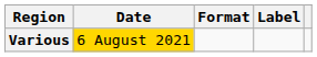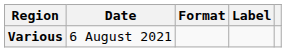 <table class="wikitable plainrowheaders">
 <tr>
 <th scope="col">Region</th>
 <th scope="col">Date</th>
 <th scope="col">Format</th>
 <th scope="col">Label</th>
 <th scope="col"></th>
 </tr>
 <tr>
 <th scope="row">Various</th>
-<td style="background: gold;">6 August 2021</td>
+<td>6 August 2021</td>
 <td></td>
 <td rowspan="2"></td>
 <td></td>
 </tr>
 </table>
